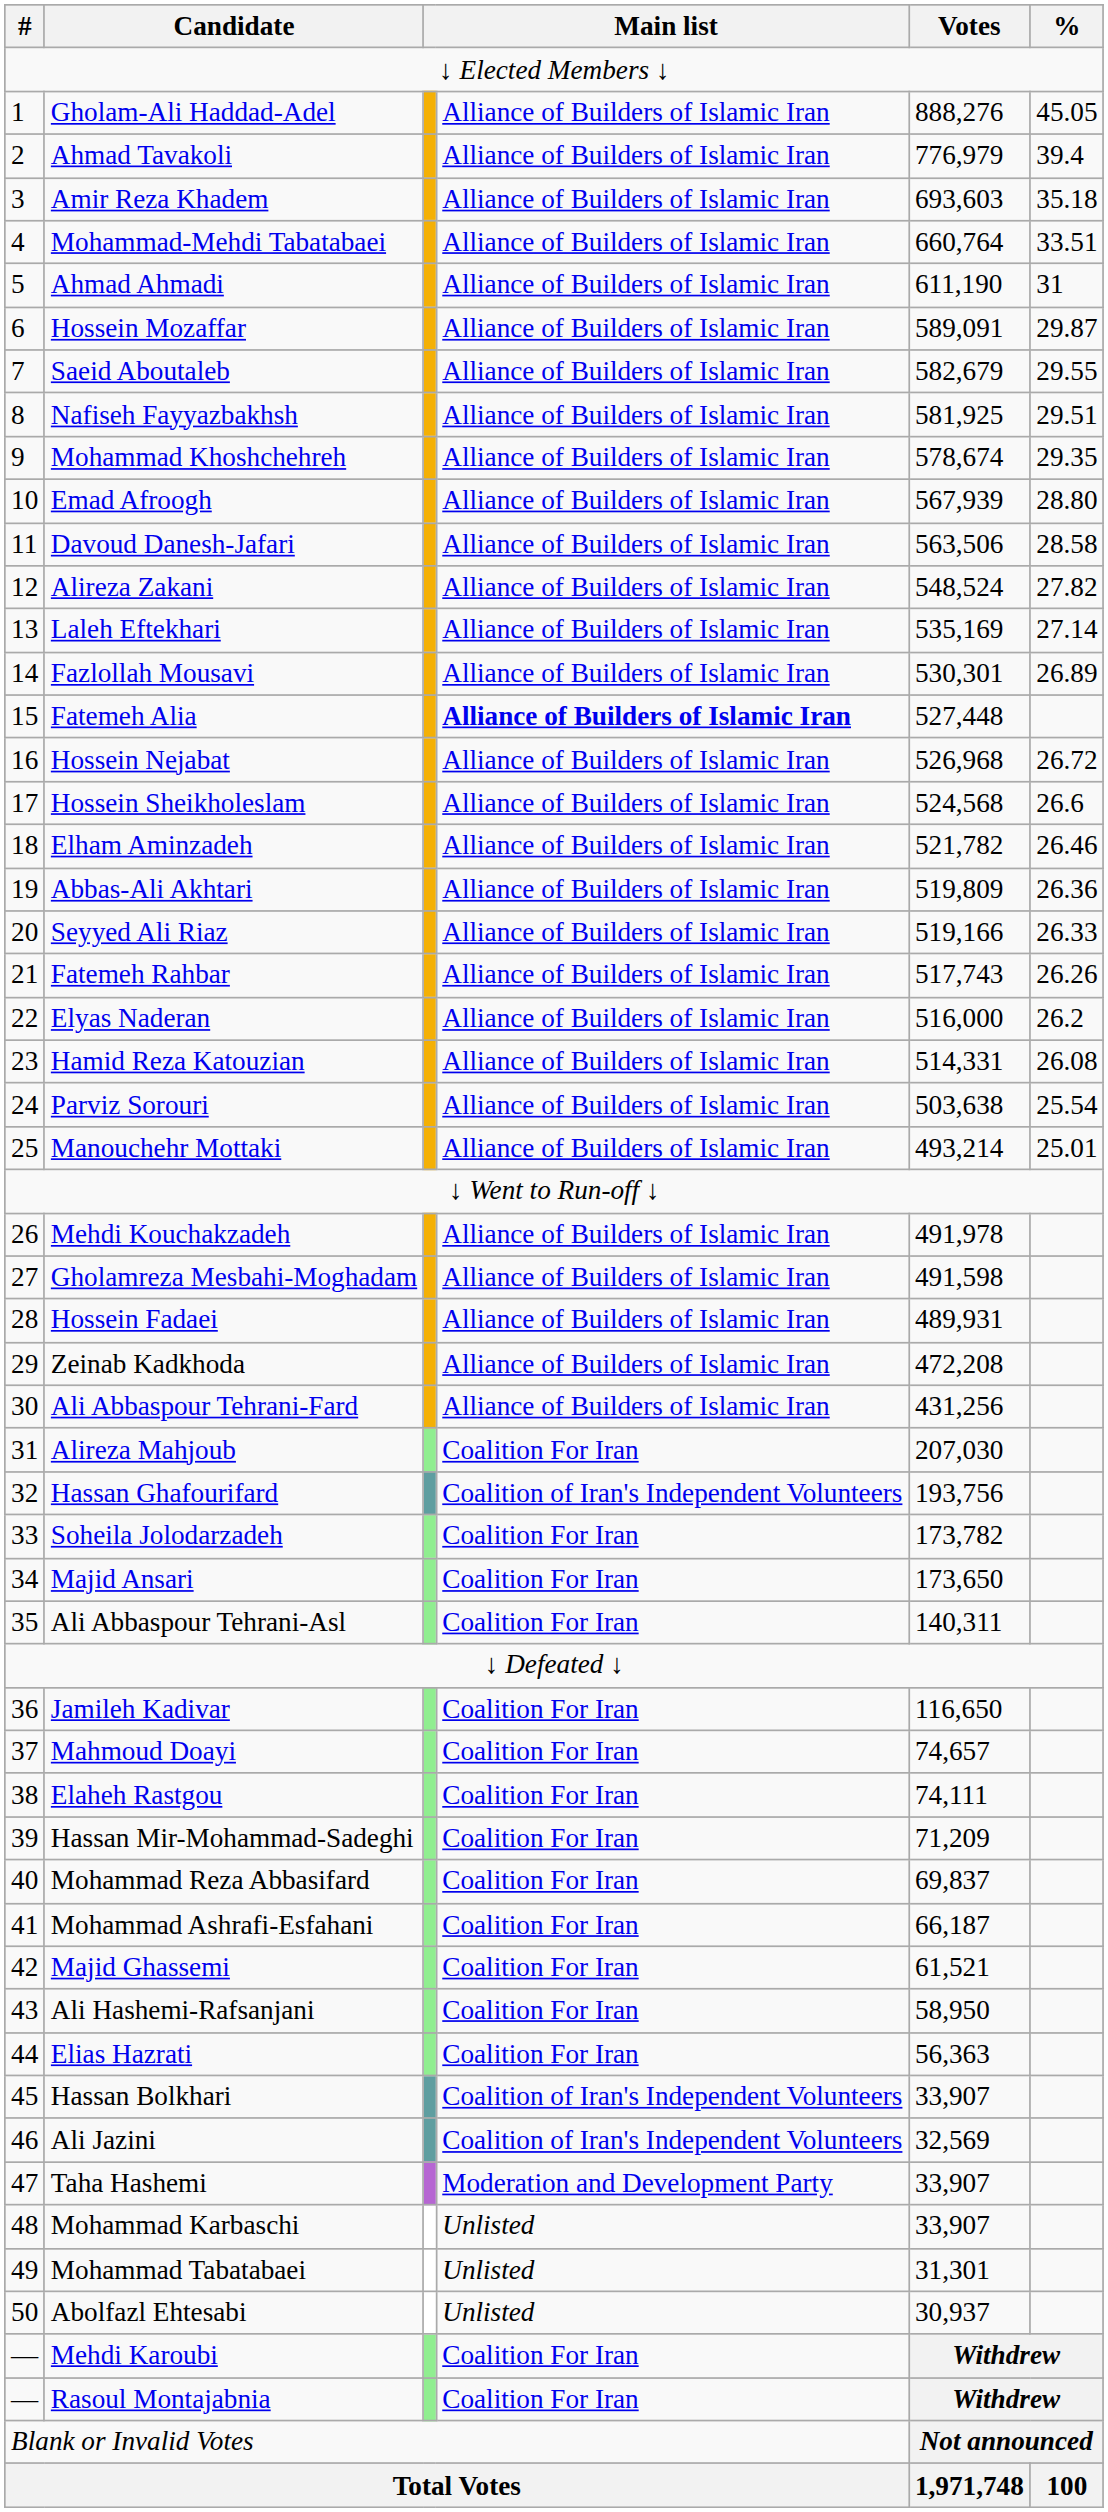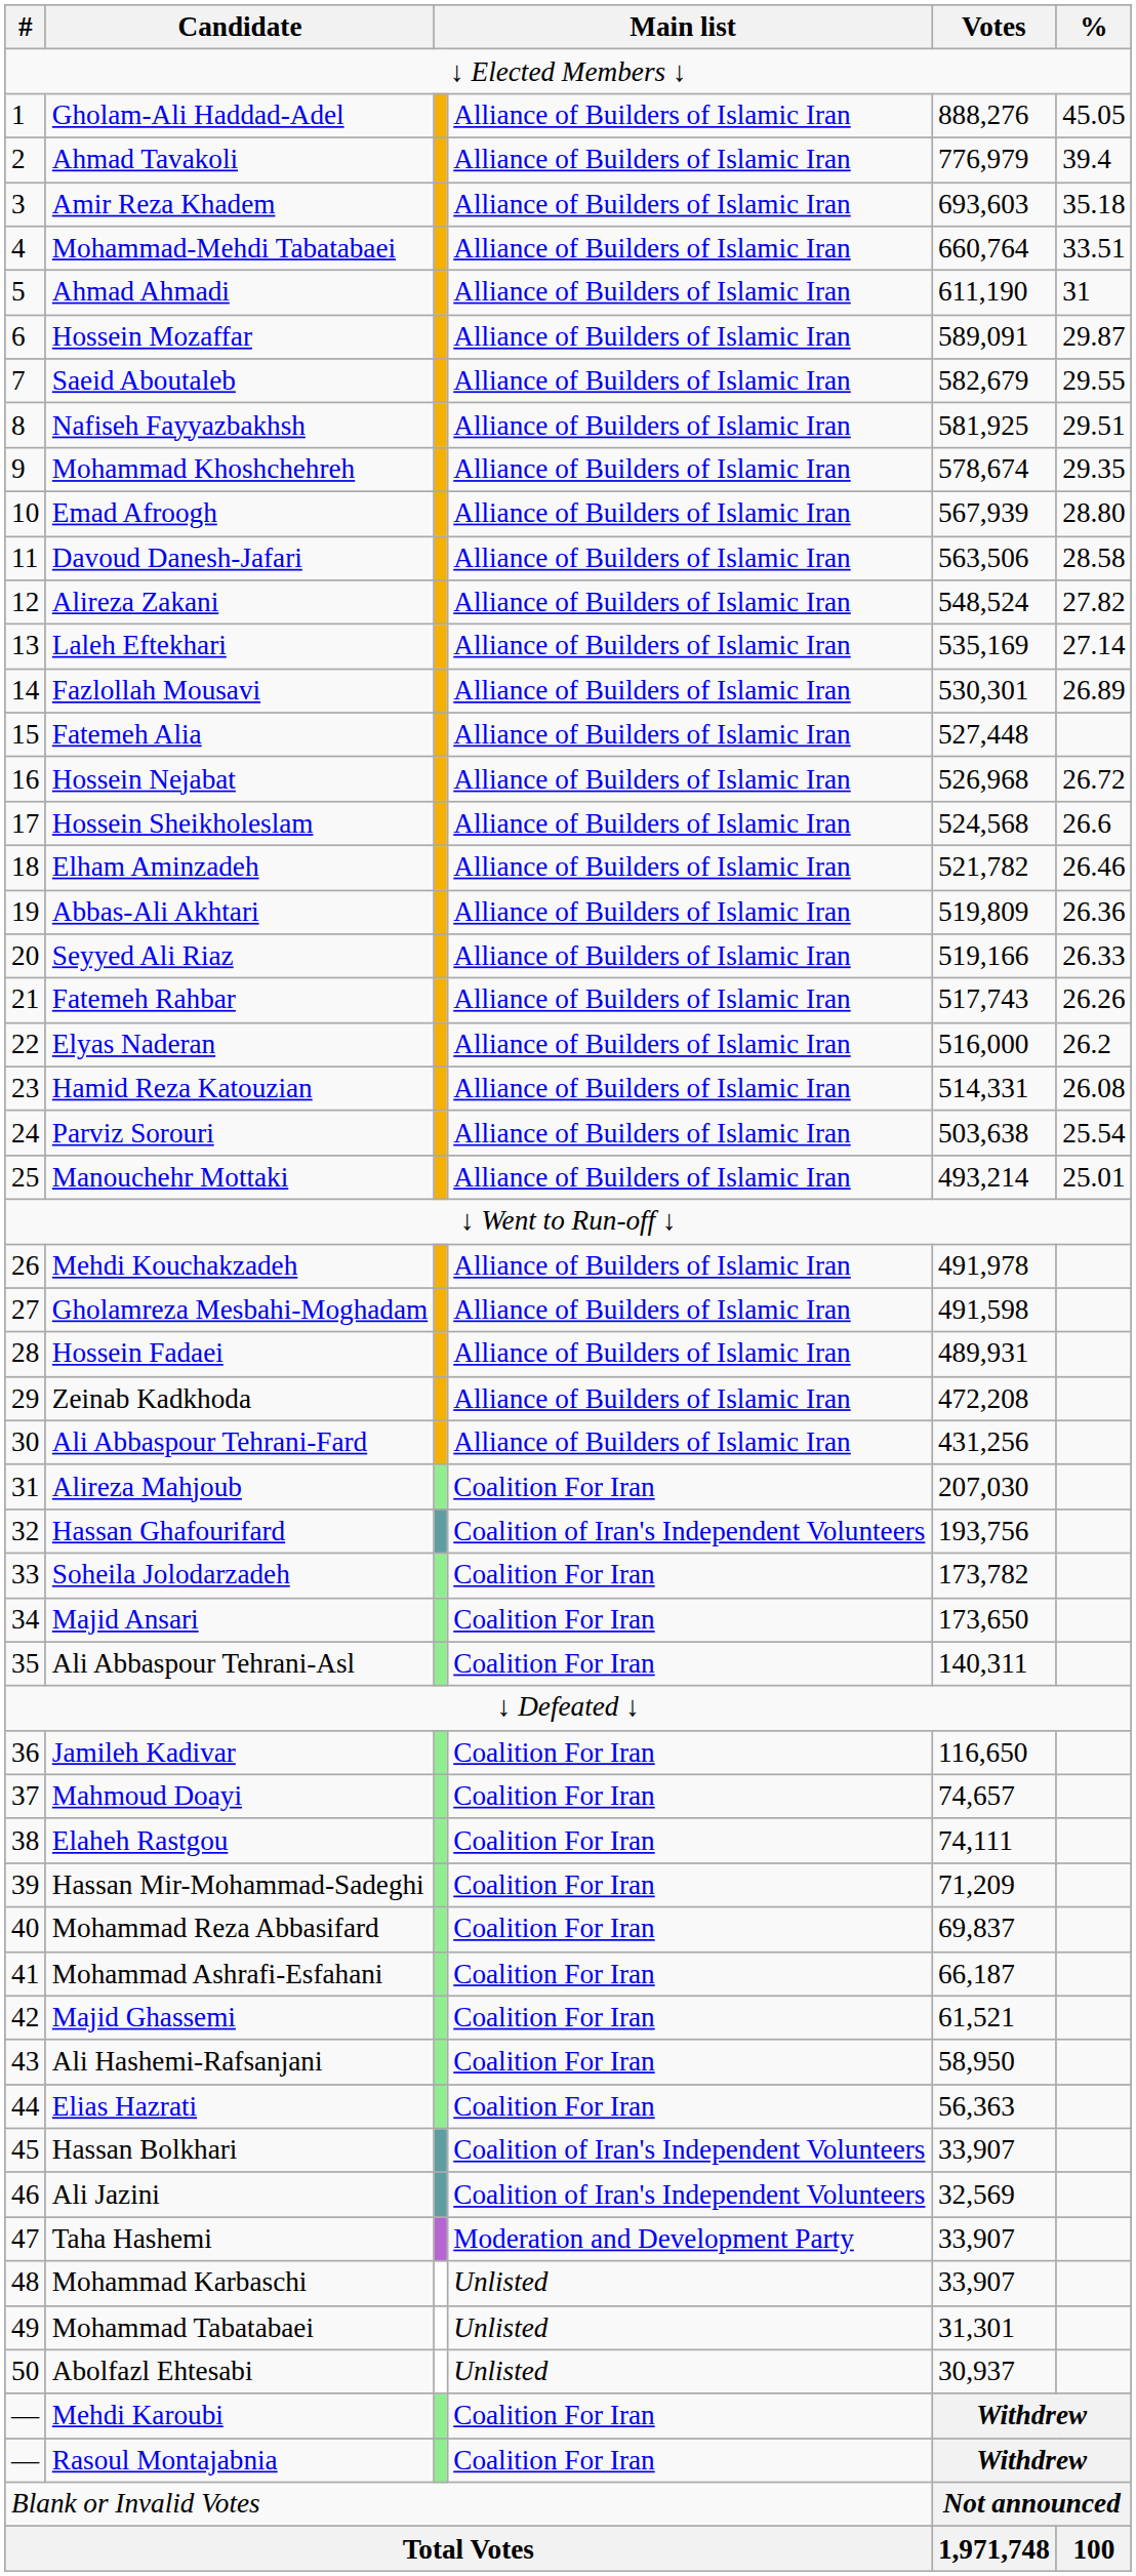 <table class="wikitable">
 <tr>
 <th>#</th>
 <th>Candidate</th>
 <th colspan="2">Main list</th>
 <th>Votes</th>
 <th>%</th>
 </tr>
 <tr>
 <td align=center colspan="9">↓ <em>Elected Members</em> ↓</td>
 </tr>
 <tr>
 <td>1</td>
 <td><a href='#'>Gholam-Ali Haddad-Adel</a></td>
 <td style="background:#f4b005;"></td>
 <td><a href='#'>Alliance of Builders of Islamic Iran</a></td>
 <td>888,276</td>
 <td>45.05</td>
 </tr>
 <tr>
 <td>2</td>
 <td><a href='#'>Ahmad Tavakoli</a></td>
 <td style="background:#f4b005;"></td>
 <td><a href='#'>Alliance of Builders of Islamic Iran</a></td>
 <td>776,979</td>
 <td>39.4</td>
 </tr>
 <tr>
 <td>3</td>
 <td><a href='#'>Amir Reza Khadem</a></td>
 <td style="background:#f4b005;"></td>
 <td><a href='#'>Alliance of Builders of Islamic Iran</a></td>
 <td>693,603</td>
 <td>35.18</td>
 </tr>
 <tr>
 <td>4</td>
 <td><a href='#'>Mohammad-Mehdi Tabatabaei</a></td>
 <td style="background:#f4b005;"></td>
 <td><a href='#'>Alliance of Builders of Islamic Iran</a></td>
 <td>660,764</td>
 <td>33.51</td>
 </tr>
 <tr>
 <td>5</td>
 <td><a href='#'>Ahmad Ahmadi</a></td>
 <td style="background:#f4b005;"></td>
 <td><a href='#'>Alliance of Builders of Islamic Iran</a></td>
 <td>611,190</td>
 <td>31</td>
 </tr>
 <tr>
 <td>6</td>
 <td><a href='#'>Hossein Mozaffar</a></td>
 <td style="background:#f4b005;"></td>
 <td><a href='#'>Alliance of Builders of Islamic Iran</a></td>
 <td>589,091</td>
 <td>29.87</td>
 </tr>
 <tr>
 <td>7</td>
 <td><a href='#'>Saeid Aboutaleb</a></td>
 <td style="background:#f4b005;"></td>
 <td><a href='#'>Alliance of Builders of Islamic Iran</a></td>
 <td>582,679</td>
 <td>29.55</td>
 </tr>
 <tr>
 <td>8</td>
 <td><a href='#'>Nafiseh Fayyazbakhsh</a></td>
 <td style="background:#f4b005;"></td>
 <td><a href='#'>Alliance of Builders of Islamic Iran</a></td>
 <td>581,925</td>
 <td>29.51</td>
 </tr>
 <tr>
 <td>9</td>
 <td><a href='#'>Mohammad Khoshchehreh</a></td>
 <td style="background:#f4b005;"></td>
 <td><a href='#'>Alliance of Builders of Islamic Iran</a></td>
 <td>578,674</td>
 <td>29.35</td>
 </tr>
 <tr>
 <td>10</td>
 <td><a href='#'>Emad Afroogh</a></td>
 <td style="background:#f4b005;"></td>
 <td><a href='#'>Alliance of Builders of Islamic Iran</a></td>
 <td>567,939</td>
 <td>28.80</td>
 </tr>
 <tr>
 <td>11</td>
 <td><a href='#'>Davoud Danesh-Jafari</a></td>
 <td style="background:#f4b005;"></td>
 <td><a href='#'>Alliance of Builders of Islamic Iran</a></td>
 <td>563,506</td>
 <td>28.58</td>
 </tr>
 <tr>
 <td>12</td>
 <td><a href='#'>Alireza Zakani</a></td>
 <td style="background:#f4b005;"></td>
 <td><a href='#'>Alliance of Builders of Islamic Iran</a></td>
 <td>548,524</td>
 <td>27.82</td>
 </tr>
 <tr>
 <td>13</td>
 <td><a href='#'>Laleh Eftekhari</a></td>
 <td style="background:#f4b005;"></td>
 <td><a href='#'>Alliance of Builders of Islamic Iran</a></td>
 <td>535,169</td>
 <td>27.14</td>
 </tr>
 <tr>
 <td>14</td>
 <td><a href='#'>Fazlollah Mousavi</a></td>
 <td style="background:#f4b005;"></td>
 <td><a href='#'>Alliance of Builders of Islamic Iran</a></td>
 <td>530,301</td>
 <td>26.89</td>
 </tr>
 <tr>
 <td>15</td>
 <td><a href='#'>Fatemeh Alia</a></td>
 <td style="background:#f4b005;"></td>
-<td><strong><a href='#'>Alliance of Builders of Islamic Iran</a></strong></td>
+<td><a href='#'>Alliance of Builders of Islamic Iran</a></td>
 <td>527,448</td>
 <td></td>
 </tr>
 <tr>
 <td>16</td>
 <td><a href='#'>Hossein Nejabat</a></td>
 <td style="background:#f4b005;"></td>
 <td><a href='#'>Alliance of Builders of Islamic Iran</a></td>
 <td>526,968</td>
 <td>26.72</td>
 </tr>
 <tr>
 <td>17</td>
 <td><a href='#'>Hossein Sheikholeslam</a></td>
 <td style="background:#f4b005;"></td>
 <td><a href='#'>Alliance of Builders of Islamic Iran</a></td>
 <td>524,568</td>
 <td>26.6</td>
 </tr>
 <tr>
 <td>18</td>
 <td><a href='#'>Elham Aminzadeh</a></td>
 <td style="background:#f4b005;"></td>
 <td><a href='#'>Alliance of Builders of Islamic Iran</a></td>
 <td>521,782</td>
 <td>26.46</td>
 </tr>
 <tr>
 <td>19</td>
 <td><a href='#'>Abbas-Ali Akhtari</a></td>
 <td style="background:#f4b005;"></td>
 <td><a href='#'>Alliance of Builders of Islamic Iran</a></td>
 <td>519,809</td>
 <td>26.36</td>
 </tr>
 <tr>
 <td>20</td>
 <td><a href='#'>Seyyed Ali Riaz</a></td>
 <td style="background:#f4b005;"></td>
 <td><a href='#'>Alliance of Builders of Islamic Iran</a></td>
 <td>519,166</td>
 <td>26.33</td>
 </tr>
 <tr>
 <td>21</td>
 <td><a href='#'>Fatemeh Rahbar</a></td>
 <td style="background:#f4b005;"></td>
 <td><a href='#'>Alliance of Builders of Islamic Iran</a></td>
 <td>517,743</td>
 <td>26.26</td>
 </tr>
 <tr>
 <td>22</td>
 <td><a href='#'>Elyas Naderan</a></td>
 <td style="background:#f4b005;"></td>
 <td><a href='#'>Alliance of Builders of Islamic Iran</a></td>
 <td>516,000</td>
 <td>26.2</td>
 </tr>
 <tr>
 <td>23</td>
 <td><a href='#'>Hamid Reza Katouzian</a></td>
 <td style="background:#f4b005;"></td>
 <td><a href='#'>Alliance of Builders of Islamic Iran</a></td>
 <td>514,331</td>
 <td>26.08</td>
 </tr>
 <tr>
 <td>24</td>
 <td><a href='#'>Parviz Sorouri</a></td>
 <td style="background:#f4b005;"></td>
 <td><a href='#'>Alliance of Builders of Islamic Iran</a></td>
 <td>503,638</td>
 <td>25.54</td>
 </tr>
 <tr>
 <td>25</td>
 <td><a href='#'>Manouchehr Mottaki</a></td>
 <td style="background:#f4b005;"></td>
 <td><a href='#'>Alliance of Builders of Islamic Iran</a></td>
 <td>493,214</td>
 <td>25.01</td>
 </tr>
 <tr>
 <td align=center colspan="9">↓ <em>Went to Run-off</em> ↓</td>
 </tr>
 <tr>
 <td>26</td>
 <td><a href='#'>Mehdi Kouchakzadeh</a></td>
 <td style="background:#f4b005;"></td>
 <td><a href='#'>Alliance of Builders of Islamic Iran</a></td>
 <td>491,978</td>
 <td></td>
 </tr>
 <tr>
 <td>27</td>
 <td><a href='#'>Gholamreza Mesbahi-Moghadam</a></td>
 <td style="background:#f4b005;"></td>
 <td><a href='#'>Alliance of Builders of Islamic Iran</a></td>
 <td>491,598</td>
 <td></td>
 </tr>
 <tr>
 <td>28</td>
 <td><a href='#'>Hossein Fadaei</a></td>
 <td style="background:#f4b005;"></td>
 <td><a href='#'>Alliance of Builders of Islamic Iran</a></td>
 <td>489,931</td>
 <td></td>
 </tr>
 <tr>
 <td>29</td>
 <td>Zeinab Kadkhoda</td>
 <td style="background:#f4b005;"></td>
 <td><a href='#'>Alliance of Builders of Islamic Iran</a></td>
 <td>472,208</td>
 <td></td>
 </tr>
 <tr>
 <td>30</td>
 <td><a href='#'>Ali Abbaspour Tehrani-Fard</a></td>
 <td style="background:#f4b005;"></td>
 <td><a href='#'>Alliance of Builders of Islamic Iran</a></td>
 <td>431,256</td>
 <td></td>
 </tr>
 <tr>
 <td>31</td>
 <td><a href='#'>Alireza Mahjoub</a></td>
 <td style="background:lightgreen;"></td>
 <td><a href='#'>Coalition For Iran</a></td>
 <td>207,030</td>
 <td></td>
 </tr>
 <tr>
 <td>32</td>
 <td><a href='#'>Hassan Ghafourifard</a></td>
 <td style="background:#5F9EA0;"></td>
 <td><a href='#'>Coalition of Iran's Independent Volunteers</a></td>
 <td>193,756</td>
 <td></td>
 </tr>
 <tr>
 <td>33</td>
 <td><a href='#'>Soheila Jolodarzadeh</a></td>
 <td style="background:lightgreen;"></td>
 <td><a href='#'>Coalition For Iran</a></td>
 <td>173,782</td>
 <td></td>
 </tr>
 <tr>
 <td>34</td>
 <td><a href='#'>Majid Ansari</a></td>
 <td style="background:lightgreen;"></td>
 <td><a href='#'>Coalition For Iran</a></td>
 <td>173,650</td>
 <td></td>
 </tr>
 <tr>
 <td>35</td>
 <td>Ali Abbaspour Tehrani-Asl</td>
 <td style="background:lightgreen;"></td>
 <td><a href='#'>Coalition For Iran</a></td>
 <td>140,311</td>
 <td></td>
 </tr>
 <tr>
 <td align=center colspan="9">↓ <em>Defeated</em> ↓</td>
 </tr>
 <tr>
 <td>36</td>
 <td><a href='#'>Jamileh Kadivar</a></td>
 <td style="background:lightgreen;"></td>
 <td><a href='#'>Coalition For Iran</a></td>
 <td>116,650</td>
 <td></td>
 </tr>
 <tr>
 <td>37</td>
 <td><a href='#'>Mahmoud Doayi</a></td>
 <td style="background:lightgreen;"></td>
 <td><a href='#'>Coalition For Iran</a></td>
 <td>74,657</td>
 <td></td>
 </tr>
 <tr>
 <td>38</td>
 <td><a href='#'>Elaheh Rastgou</a></td>
 <td style="background:lightgreen;"></td>
 <td><a href='#'>Coalition For Iran</a></td>
 <td>74,111</td>
 <td></td>
 </tr>
 <tr>
 <td>39</td>
 <td>Hassan Mir-Mohammad-Sadeghi</td>
 <td style="background:lightgreen;"></td>
 <td><a href='#'>Coalition For Iran</a></td>
 <td>71,209</td>
 <td></td>
 </tr>
 <tr>
 <td>40</td>
 <td>Mohammad Reza Abbasifard</td>
 <td style="background:lightgreen;"></td>
 <td><a href='#'>Coalition For Iran</a></td>
 <td>69,837</td>
 <td></td>
 </tr>
 <tr>
 <td>41</td>
 <td>Mohammad Ashrafi-Esfahani</td>
 <td style="background:lightgreen;"></td>
 <td><a href='#'>Coalition For Iran</a></td>
 <td>66,187</td>
 <td></td>
 </tr>
 <tr>
 <td>42</td>
 <td><a href='#'>Majid Ghassemi</a></td>
 <td style="background:lightgreen;"></td>
 <td><a href='#'>Coalition For Iran</a></td>
 <td>61,521</td>
 <td></td>
 </tr>
 <tr>
 <td>43</td>
 <td>Ali Hashemi-Rafsanjani</td>
 <td style="background:lightgreen;"></td>
 <td><a href='#'>Coalition For Iran</a></td>
 <td>58,950</td>
 <td></td>
 </tr>
 <tr>
 <td>44</td>
 <td><a href='#'>Elias Hazrati</a></td>
 <td style="background:lightgreen;"></td>
 <td><a href='#'>Coalition For Iran</a></td>
 <td>56,363</td>
 <td></td>
 </tr>
 <tr>
 <td>45</td>
 <td>Hassan Bolkhari</td>
 <td style="background:#5F9EA0;"></td>
 <td><a href='#'>Coalition of Iran's Independent Volunteers</a></td>
 <td>33,907</td>
 <td></td>
 </tr>
 <tr>
 <td>46</td>
 <td>Ali Jazini</td>
 <td style="background:#5F9EA0;"></td>
 <td><a href='#'>Coalition of Iran's Independent Volunteers</a></td>
 <td>32,569</td>
 <td></td>
 </tr>
 <tr>
 <td>47</td>
 <td>Taha Hashemi</td>
 <td style="background:#B666D2;"></td>
 <td><a href='#'>Moderation and Development Party</a></td>
 <td>33,907</td>
 <td></td>
 </tr>
 <tr>
 <td>48</td>
 <td>Mohammad Karbaschi</td>
 <td style="background:#FFFFFF;"></td>
 <td><em>Unlisted</em></td>
 <td>33,907</td>
 <td></td>
 </tr>
 <tr>
 <td>49</td>
 <td>Mohammad Tabatabaei</td>
 <td style="background:#FFFFFF;"></td>
 <td><em>Unlisted</em></td>
 <td>31,301</td>
 <td></td>
 </tr>
 <tr>
 <td>50</td>
 <td>Abolfazl Ehtesabi</td>
 <td style="background:#FFFFFF;"></td>
 <td><em>Unlisted</em></td>
 <td>30,937</td>
 <td></td>
 </tr>
 <tr>
 <td>—</td>
 <td><a href='#'>Mehdi Karoubi</a></td>
 <td style="background:lightgreen;"></td>
 <td><a href='#'>Coalition For Iran</a></td>
 <th colspan="2"><em>Withdrew</em></th>
 </tr>
 <tr>
 <td>—</td>
 <td><a href='#'>Rasoul Montajabnia</a></td>
 <td style="background:lightgreen;"></td>
 <td><a href='#'>Coalition For Iran</a></td>
 <th colspan="2"><em>Withdrew</em></th>
 </tr>
 <tr>
 <td colspan="4"><em>Blank or Invalid Votes</em></td>
 <th colspan="2"><em>Not announced</em></th>
 </tr>
 <tr>
 <th colspan="4">Total Votes</th>
 <th>1,971,748</th>
 <th>100</th>
 </tr>
 </table>
